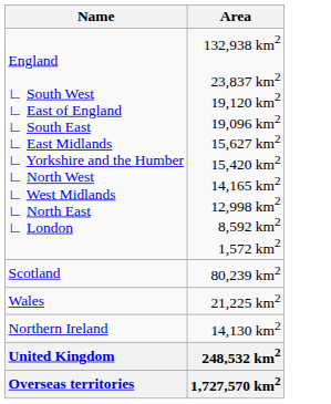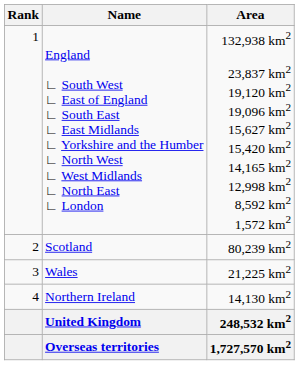 <table class="wikitable"  style="text-align:right">
 <tr>
+<th>Rank</th>
 <th>Name</th>
 <th>Area</th>
 </tr>
 <tr>
+<td style=vertical-align:top;>1</td>
 <td style=text-align:left;><a href='#'>England</a><br><br>∟ <a href='#'>South West</a><br> ∟ <a href='#'>East of England</a><br> ∟ <a href='#'>South East</a><br> ∟ <a href='#'>East Midlands</a><br> ∟ <a href='#'>Yorkshire and the Humber</a><br> ∟ <a href='#'>North West</a><br> ∟ <a href='#'>West Midlands</a><br> ∟ <a href='#'>North East</a><br> ∟ <a href='#'>London</a><br></td>
 <td>132,938 km<sup>2</sup><br><br>23,837 km<sup>2</sup><br> 19,120 km<sup>2</sup><br> 19,096 km<sup>2</sup><br> 15,627 km<sup>2</sup><br> 15,420 km<sup>2</sup><br> 14,165 km<sup>2</sup><br> 12,998 km<sup>2</sup><br> 8,592 km<sup>2</sup><br> 1,572 km<sup>2</sup><br></td>
 </tr>
 <tr>
+<td>2</td>
 <td style=text-align:left;><a href='#'>Scotland</a></td>
 <td>80,239 km<sup>2</sup></td>
 </tr>
 <tr>
+<td>3</td>
 <td style=text-align:left;><a href='#'>Wales</a></td>
 <td>21,225 km<sup>2</sup></td>
 </tr>
 <tr>
+<td>4</td>
 <td style=text-align:left;><a href='#'>Northern Ireland</a></td>
 <td>14,130 km<sup>2</sup></td>
 </tr>
 <tr>
+<th></th>
 <th style=text-align:left;><a href='#'>United Kingdom</a></th>
 <th style=text-align:right;>248,532 km<sup>2</sup></th>
 </tr>
 <tr>
+<th></th>
 <th style=text-align:left;><a href='#'>Overseas territories</a></th>
 <th style=text-align:right;>1,727,570 km<sup>2</sup></th>
 </tr>
 </table>
